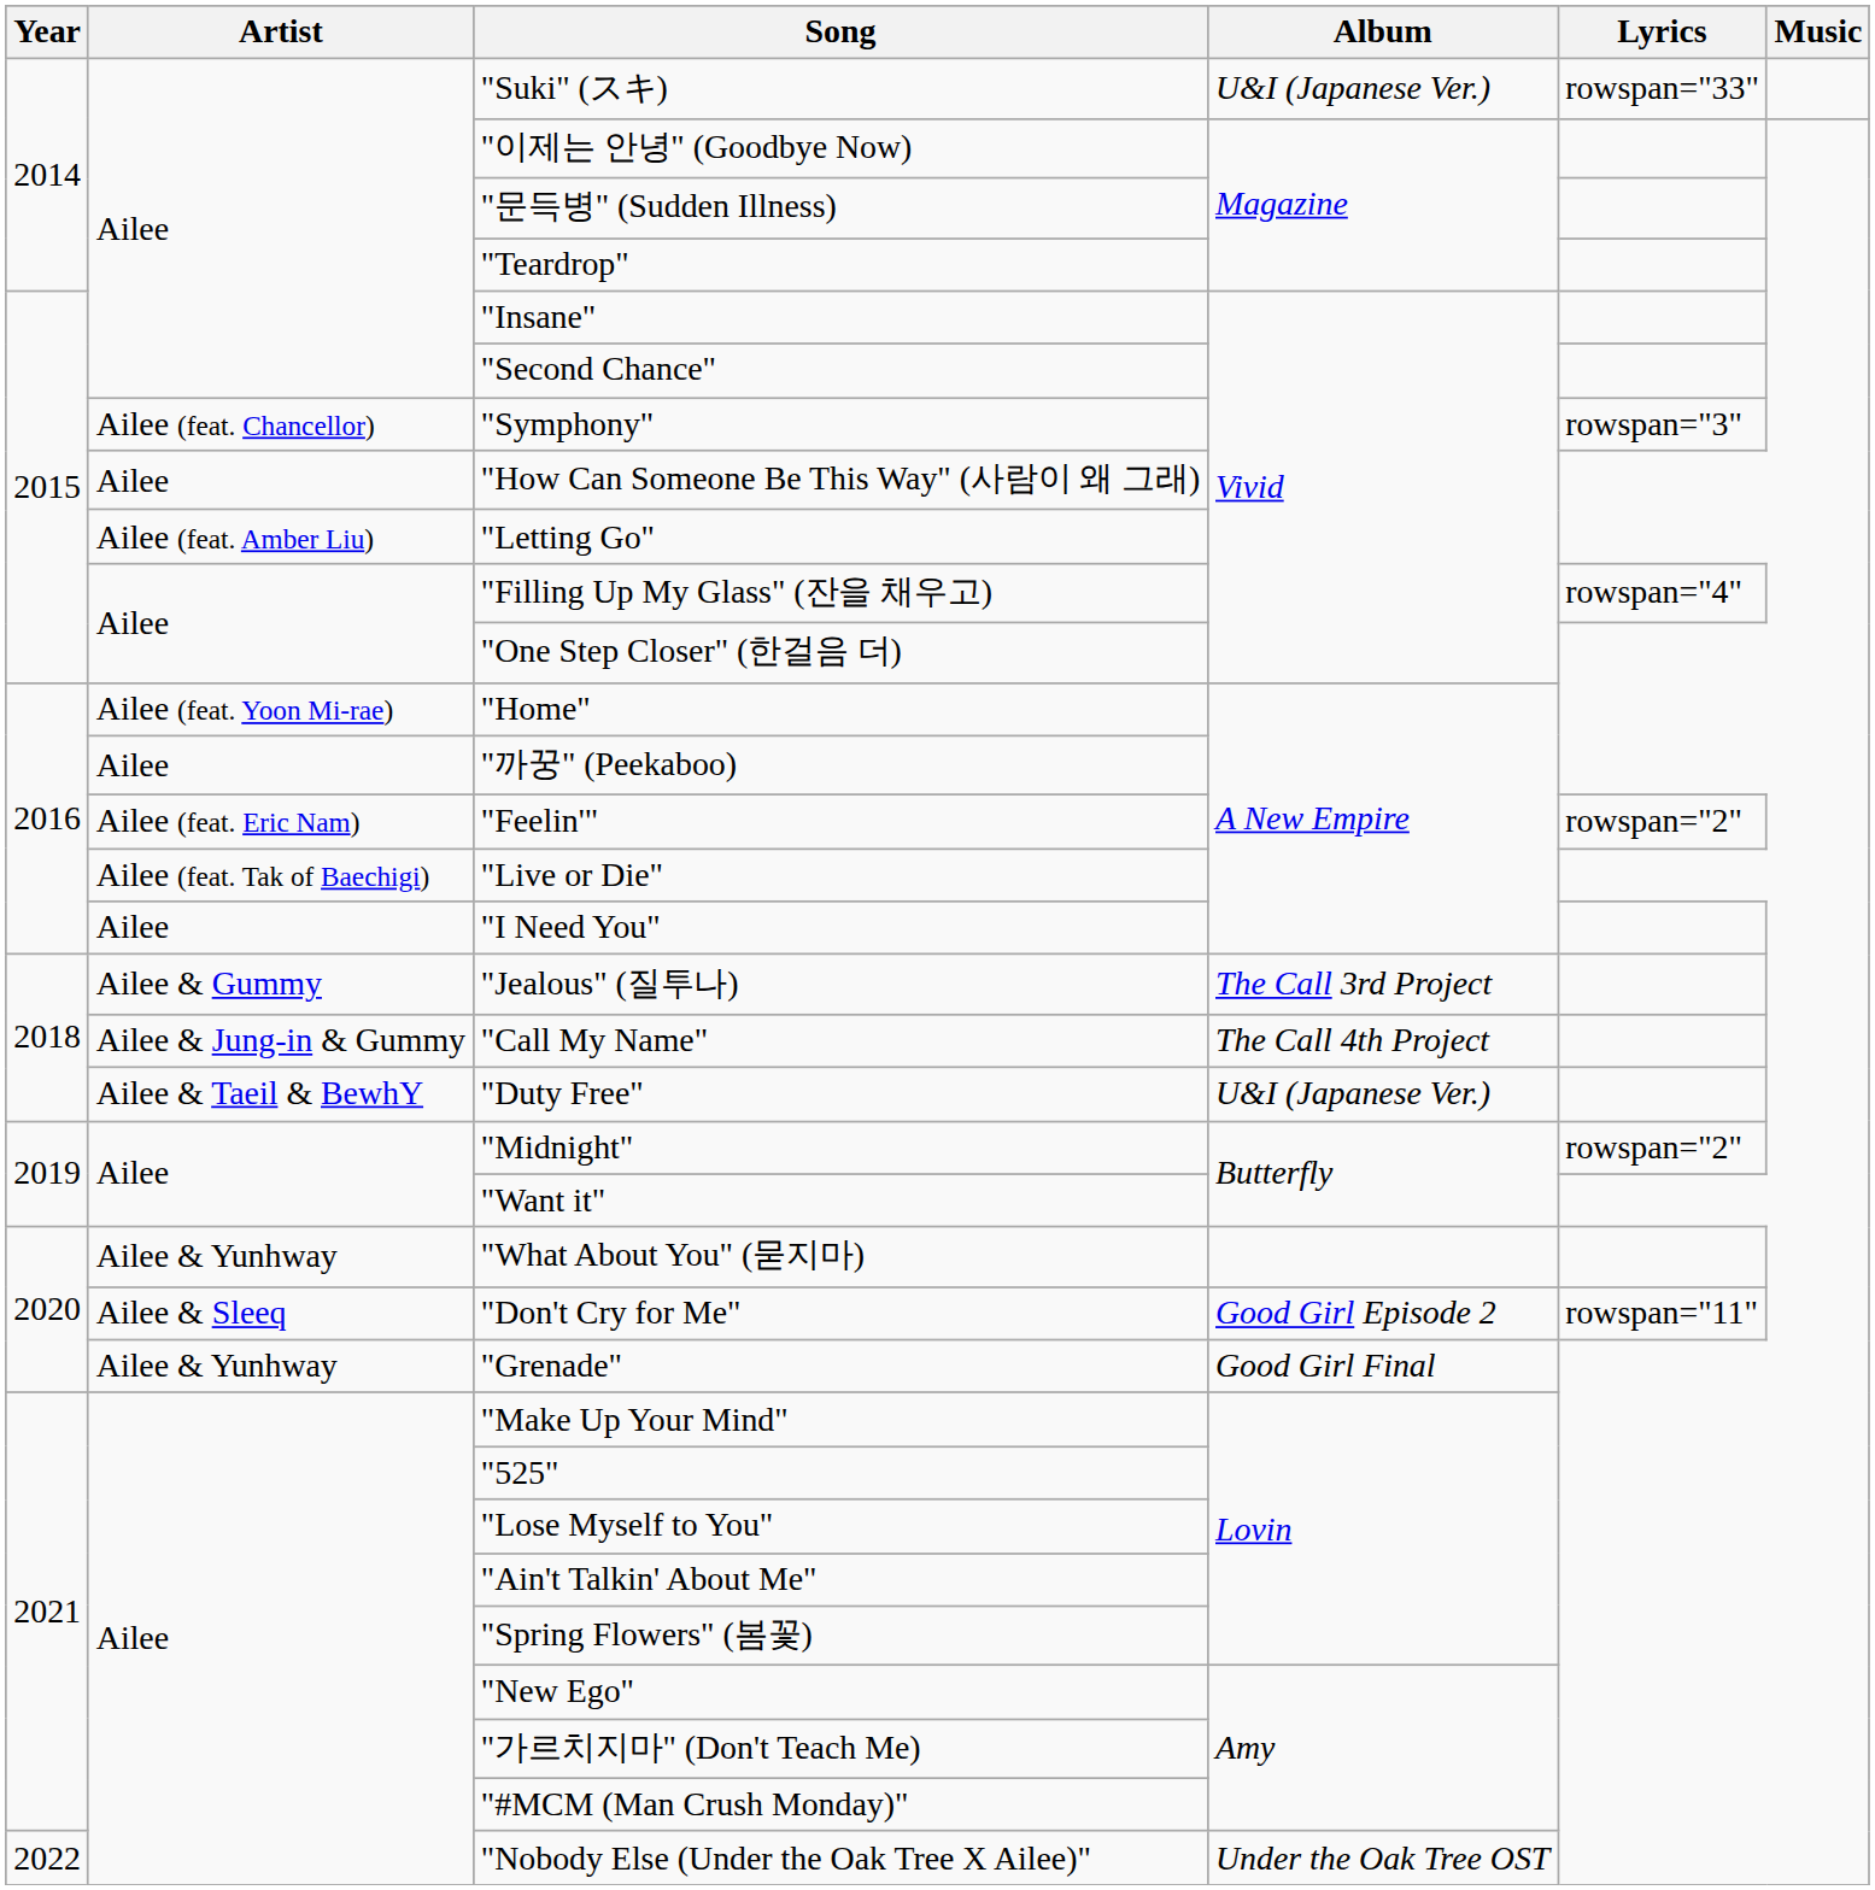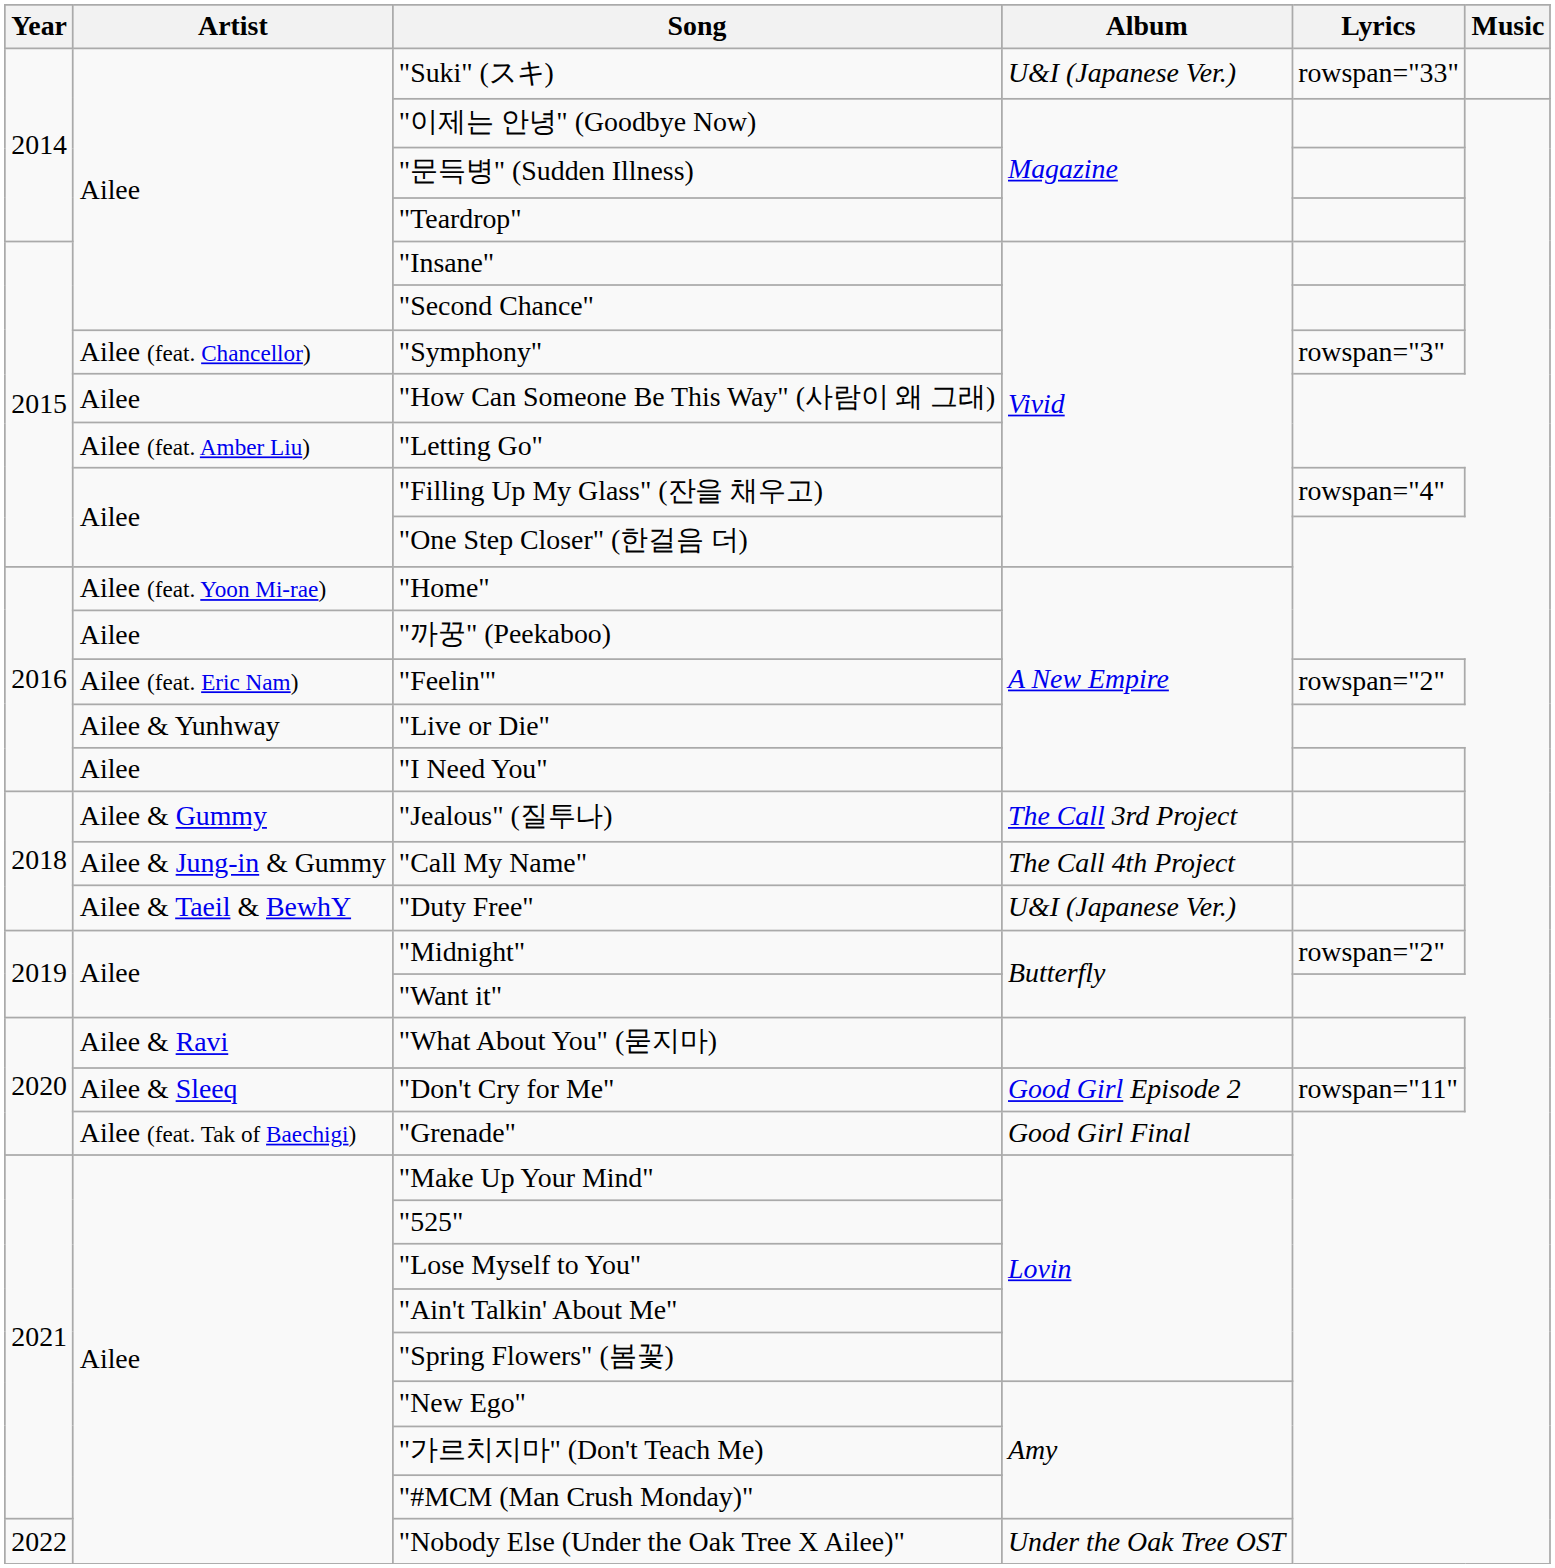 <table class="wikitable sortable">
 <tr>
 <th>Year</th>
 <th>Artist</th>
 <th>Song</th>
 <th>Album</th>
 <th>Lyrics</th>
 <th>Music</th>
 </tr>
 <tr>
 <td rowspan="4">2014</td>
 <td rowspan="6">Ailee</td>
 <td>"Suki" (スキ)</td>
 <td><em>U&I (Japanese Ver.)</em></td>
 <td>rowspan="33"</td>
 <td></td>
 </tr>
 <tr>
 <td>"이제는 안녕" (Goodbye Now)</td>
 <td rowspan="3"><em><a href='#'>Magazine</a></em></td>
 <td></td>
 </tr>
 <tr>
 <td>"문득병" (Sudden Illness)</td>
 <td></td>
 </tr>
 <tr>
 <td>"Teardrop"</td>
 <td></td>
 </tr>
 <tr>
 <td rowspan="7">2015</td>
 <td>"Insane"</td>
 <td rowspan="7"><em><a href='#'>Vivid</a></em></td>
 <td></td>
 </tr>
 <tr>
 <td>"Second Chance"</td>
 <td></td>
 </tr>
 <tr>
 <td>Ailee <small>(feat. <a href='#'>Chancellor</a>)</small></td>
 <td>"Symphony"</td>
 <td>rowspan="3"</td>
 </tr>
 <tr>
 <td>Ailee</td>
 <td>"How Can Someone Be This Way" (사람이 왜 그래)</td>
 </tr>
 <tr>
 <td>Ailee <small>(feat. <a href='#'>Amber Liu</a>)</small></td>
 <td>"Letting Go"</td>
 </tr>
 <tr>
 <td rowspan="2">Ailee</td>
 <td>"Filling Up My Glass" (잔을 채우고)</td>
 <td>rowspan="4"</td>
 </tr>
 <tr>
 <td>"One Step Closer" (한걸음 더)</td>
 </tr>
 <tr>
 <td rowspan="5">2016</td>
 <td>Ailee <small>(feat. <a href='#'>Yoon Mi-rae</a>)</small></td>
 <td>"Home"</td>
 <td rowspan="5"><em><a href='#'>A New Empire</a></em></td>
 </tr>
 <tr>
 <td>Ailee</td>
 <td>"까꿍" (Peekaboo)</td>
 </tr>
 <tr>
 <td>Ailee <small>(feat. <a href='#'>Eric Nam</a>)</small></td>
 <td>"Feelin'"</td>
 <td>rowspan="2"</td>
 </tr>
 <tr>
-<td>Ailee <small>(feat. Tak of <a href='#'>Baechigi</a>)</small></td>
+<td>Ailee & Yunhway</td>
 <td>"Live or Die"</td>
 </tr>
 <tr>
 <td>Ailee</td>
 <td>"I Need You"</td>
 <td></td>
 </tr>
 <tr>
 <td rowspan="3">2018</td>
 <td>Ailee & <a href='#'>Gummy</a></td>
 <td>"Jealous" (질투나)</td>
 <td><em><a href='#'>The Call</a> 3rd Project</em></td>
 <td></td>
 </tr>
 <tr>
 <td>Ailee & <a href='#'>Jung-in</a> & Gummy</td>
 <td>"Call My Name"</td>
 <td><em>The Call 4th Project</em></td>
 <td></td>
 </tr>
 <tr>
 <td>Ailee & <a href='#'>Taeil</a> & <a href='#'>BewhY</a></td>
 <td>"Duty Free"</td>
 <td><em>U&I (Japanese Ver.)</em></td>
 <td></td>
 </tr>
 <tr>
 <td rowspan="2">2019</td>
 <td rowspan="2">Ailee</td>
 <td>"Midnight"</td>
 <td rowspan="2"><em>Butterfly</em></td>
 <td>rowspan="2"</td>
 </tr>
 <tr>
 <td>"Want it"</td>
 </tr>
 <tr>
 <td rowspan="3">2020</td>
-<td>Ailee & Yunhway</td>
+<td>Ailee & <a href='#'>Ravi</a></td>
 <td>"What About You" (묻지마)</td>
 <td></td>
 <td></td>
 </tr>
 <tr>
 <td>Ailee & <a href='#'>Sleeq</a></td>
 <td>"Don't Cry for Me"</td>
 <td><em><a href='#'>Good Girl</a> Episode 2</em></td>
 <td>rowspan="11"</td>
 </tr>
 <tr>
-<td>Ailee & Yunhway</td>
+<td>Ailee <small>(feat. Tak of <a href='#'>Baechigi</a>)</small></td>
 <td>"Grenade"</td>
 <td><em>Good Girl Final</em></td>
 </tr>
 <tr>
 <td rowspan="8">2021</td>
 <td rowspan="9">Ailee</td>
 <td>"Make Up Your Mind"</td>
 <td rowspan="5"><em><a href='#'>Lovin</a></em></td>
 </tr>
 <tr>
 <td>"525"</td>
 </tr>
 <tr>
 <td>"Lose Myself to You"</td>
 </tr>
 <tr>
 <td>"Ain't Talkin' About Me"</td>
 </tr>
 <tr>
 <td>"Spring Flowers" (봄꽃)</td>
 </tr>
 <tr>
 <td>"New Ego"</td>
 <td rowspan="3"><em>Amy</em></td>
 </tr>
 <tr>
 <td>"가르치지마" (Don't Teach Me)</td>
 </tr>
 <tr>
 <td>"#MCM (Man Crush Monday)"</td>
 </tr>
 <tr>
 <td>2022</td>
 <td>"Nobody Else (Under the Oak Tree X Ailee)"</td>
 <td><em>Under the Oak Tree OST</em></td>
 </tr>
 </table>
